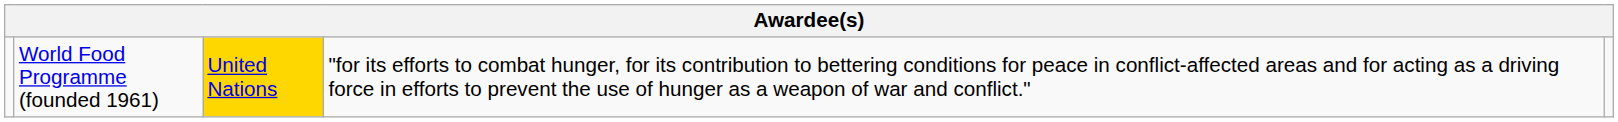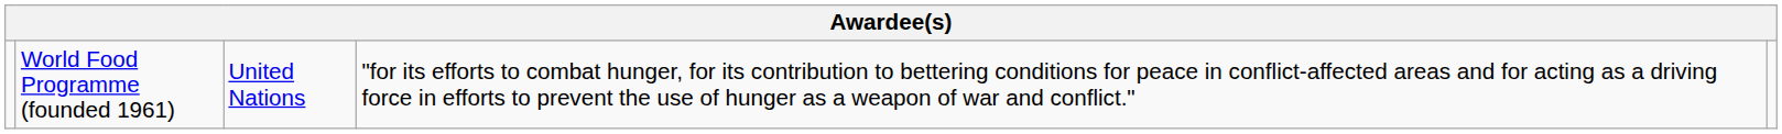 <table class="wikitable">
 <tr>
 <th colspan="5">Awardee(s)</th>
 </tr>
 <tr>
 <td></td>
 <td><a href='#'>World Food Programme</a><br>(founded 1961)</td>
-<td style="background: gold;"><a href='#'>United Nations</a></td>
+<td><a href='#'>United Nations</a></td>
 <td>"for its efforts to combat hunger, for its contribution to bettering conditions for peace in conflict-affected areas and for acting as a driving force in efforts to prevent the use of hunger as a weapon of war and conflict."</td>
 <td></td>
 </tr>
 </table>
